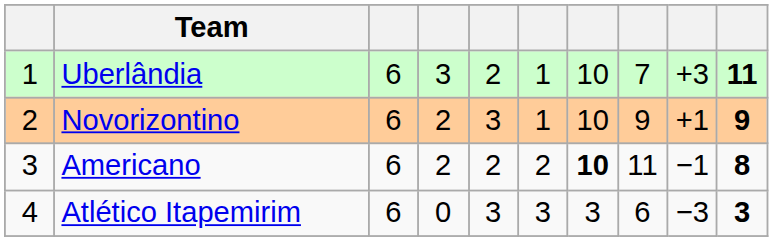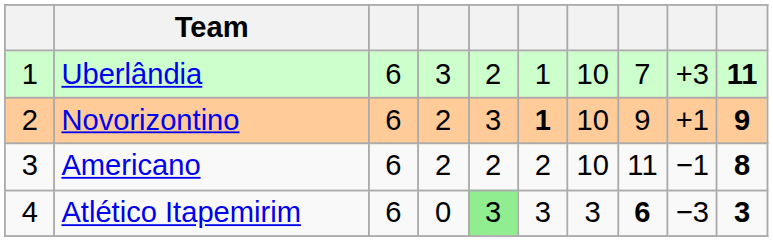 <table class="wikitable" style="text-align: center;">
 <tr>
 <th width=20></th>
 <th width=165>Team</th>
 <th width=20></th>
 <th width=20></th>
 <th width=20></th>
 <th width=20></th>
 <th width=20></th>
 <th width=20></th>
 <th width=20></th>
 <th width=20></th>
 </tr>
 <tr bgcolor=#ccffcc>
 <td>1</td>
 <td align=left> <a href='#'>Uberlândia</a></td>
 <td>6</td>
 <td>3</td>
 <td>2</td>
 <td>1</td>
 <td>10</td>
 <td>7</td>
 <td>+3</td>
 <td><strong>11</strong></td>
 </tr>
 <tr bgcolor=#ffcc99>
 <td>2</td>
 <td align=left> <a href='#'>Novorizontino</a></td>
 <td>6</td>
 <td>2</td>
 <td>3</td>
-<td>1</td>
+<td><strong>1</strong></td>
 <td>10</td>
 <td>9</td>
 <td>+1</td>
 <td><strong>9</strong></td>
 </tr>
 <tr>
 <td>3</td>
 <td align=left> <a href='#'>Americano</a></td>
 <td>6</td>
 <td>2</td>
 <td>2</td>
 <td>2</td>
-<td><strong>10</strong></td>
+<td>10</td>
 <td>11</td>
 <td>−1</td>
 <td><strong>8</strong></td>
 </tr>
 <tr>
 <td>4</td>
 <td align=left> <a href='#'>Atlético Itapemirim</a></td>
 <td>6</td>
 <td>0</td>
+<td style="background: lightgreen;">3</td>
 <td>3</td>
 <td>3</td>
-<td>3</td>
-<td>6</td>
+<td><strong>6</strong></td>
 <td>−3</td>
 <td><strong>3</strong></td>
 </tr>
 </table>
